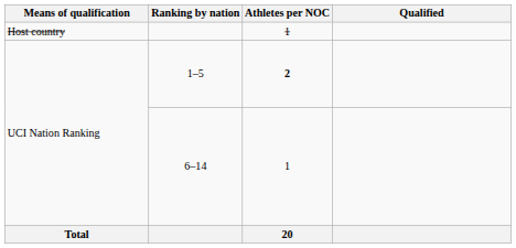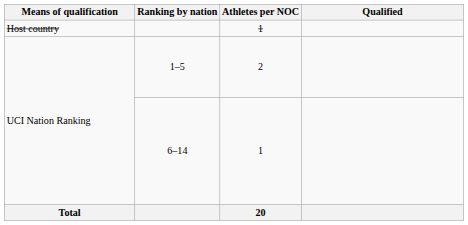 <table class="wikitable"  style="text-align:center;">
 <tr>
 <th width="200">Means of qualification</th>
 <th>Ranking by nation</th>
 <th>Athletes per NOC</th>
 <th width="250">Qualified</th>
 </tr>
 <tr>
 <td style="text-align:left;"><s>Host country</s></td>
 <td></td>
 <td><s>1</s></td>
 <td align="left"><s></s></td>
 </tr>
 <tr>
 <td style="text-align:left;" rowspan="2">UCI Nation Ranking</td>
 <td>1–5</td>
-<td><strong>2</strong></td>
+<td>2</td>
 <td align="left"><br><br><br><br><br></td>
 </tr>
 <tr>
 <td>6–14</td>
 <td>1</td>
 <td align="left"><br><br><br><br><br><br><br><br><br></td>
 </tr>
 <tr>
 <th>Total</th>
 <th></th>
 <th>20</th>
 <th></th>
 </tr>
 </table>
